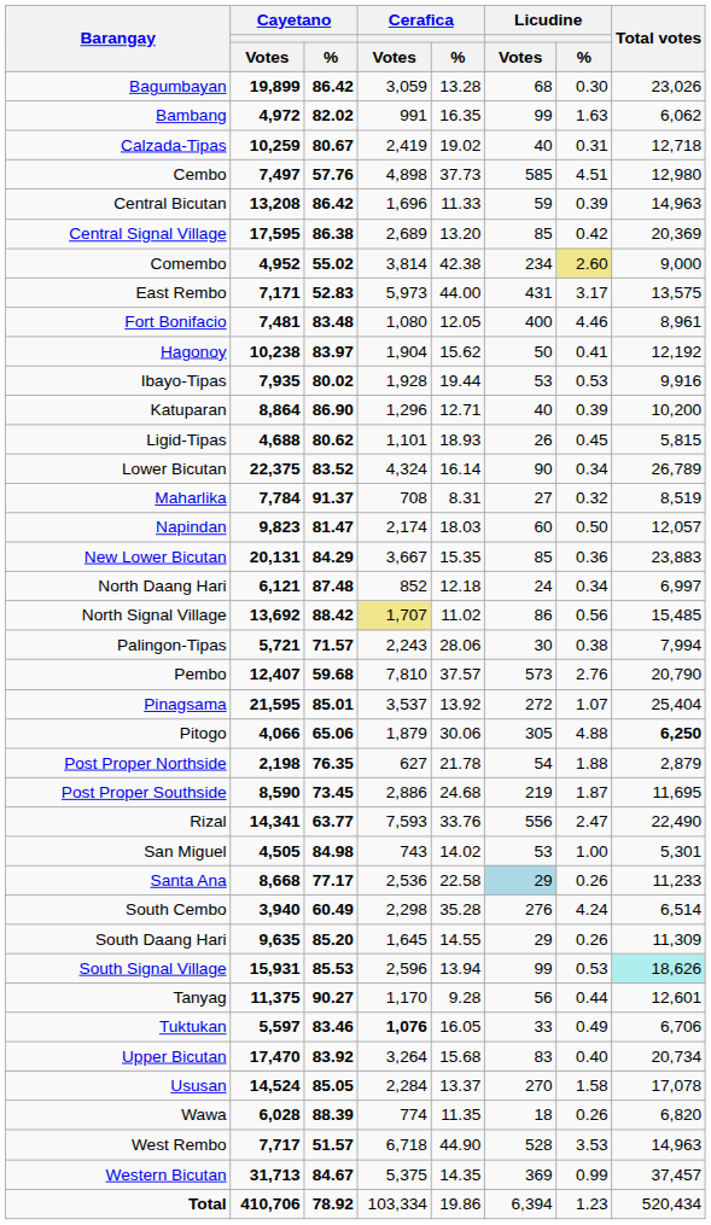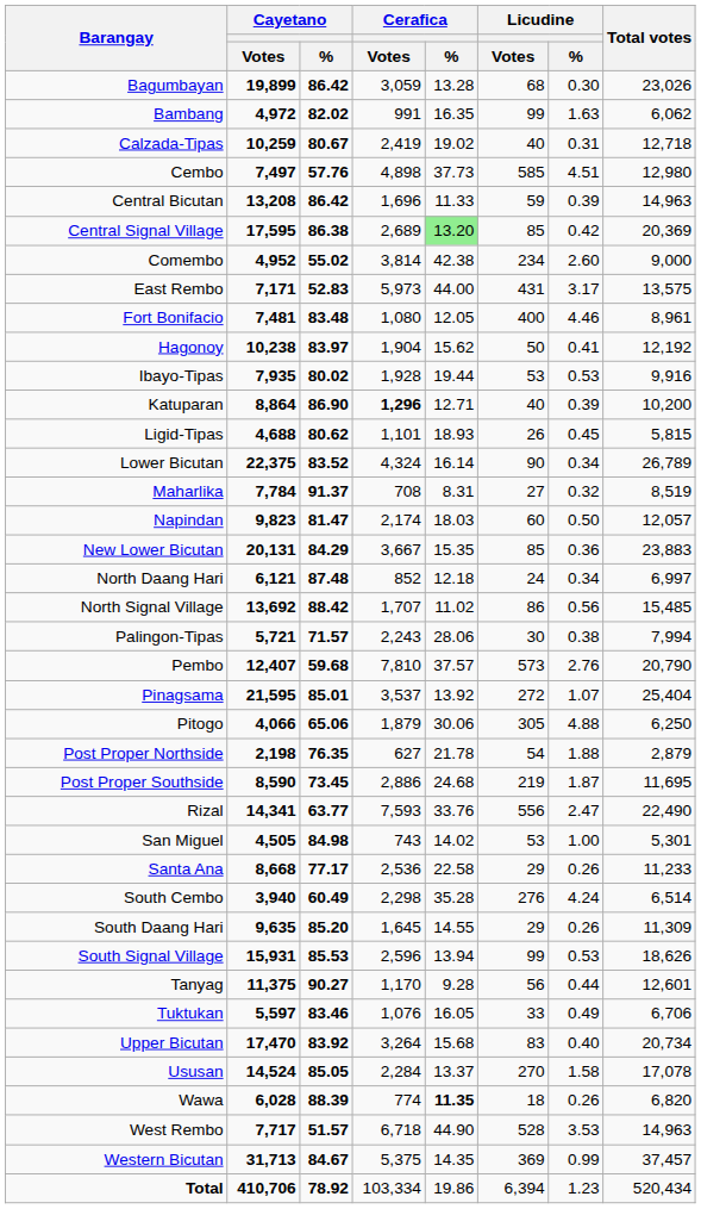 <table class="wikitable collapsible collapsed" style="text-align:right; font-size:95%; line-height:20px;">
 <tr>
 <th rowspan="3" width="200"><a href='#'>Barangay</a></th>
 <th colspan="2" width="110"><a href='#'>Cayetano</a></th>
 <th colspan="2" width="110"><a href='#'>Cerafica</a></th>
 <th colspan="2" width="110">Licudine</th>
 <th rowspan="3">Total votes</th>
 </tr>
 <tr>
 <th colspan="2" style="background:"></th>
 <th colspan="2" style="background:"></th>
 <th colspan="2" style="background:"></th>
 </tr>
 <tr>
 <th>Votes</th>
 <th>%</th>
 <th>Votes</th>
 <th>%</th>
 <th>Votes</th>
 <th>%</th>
 </tr>
 <tr>
 <td><a href='#'> Bagumbayan</a></td>
 <td style="background:#"><strong>19,899</strong></td>
 <td style="background:#"><strong>86.42</strong></td>
 <td>3,059</td>
 <td>13.28</td>
 <td>68</td>
 <td>0.30</td>
 <td>23,026</td>
 </tr>
 <tr>
 <td><a href='#'> Bambang</a></td>
 <td style="background:#"><strong>4,972</strong></td>
 <td style="background:#"><strong>82.02</strong></td>
 <td>991</td>
 <td>16.35</td>
 <td>99</td>
 <td>1.63</td>
 <td>6,062</td>
 </tr>
 <tr>
 <td><a href='#'> Calzada-Tipas</a></td>
 <td style="background:#"><strong>10,259</strong></td>
 <td style="background:#"><strong>80.67</strong></td>
 <td>2,419</td>
 <td>19.02</td>
 <td>40</td>
 <td>0.31</td>
 <td>12,718</td>
 </tr>
 <tr>
 <td>Cembo</td>
 <td style="background:#"><strong>7,497</strong></td>
 <td style="background:#"><strong>57.76</strong></td>
 <td>4,898</td>
 <td>37.73</td>
 <td>585</td>
 <td>4.51</td>
 <td>12,980</td>
 </tr>
 <tr>
 <td>Central Bicutan</td>
 <td style="background:#"><strong>13,208</strong></td>
 <td style="background:#"><strong>86.42</strong></td>
 <td>1,696</td>
 <td>11.33</td>
 <td>59</td>
 <td>0.39</td>
 <td>14,963</td>
 </tr>
 <tr>
 <td><a href='#'> Central Signal Village</a></td>
 <td style="background:#"><strong>17,595</strong></td>
 <td style="background:#"><strong>86.38</strong></td>
 <td>2,689</td>
-<td>13.20</td>
+<td style="background: lightgreen;">13.20</td>
 <td>85</td>
 <td>0.42</td>
 <td>20,369</td>
 </tr>
 <tr>
 <td>Comembo</td>
 <td style="background:#"><strong>4,952</strong></td>
 <td style="background:#"><strong>55.02</strong></td>
 <td>3,814</td>
 <td>42.38</td>
 <td>234</td>
-<td style="background: khaki;">2.60</td>
+<td>2.60</td>
 <td>9,000</td>
 </tr>
 <tr>
 <td>East Rembo</td>
 <td style="background:#"><strong>7,171</strong></td>
 <td style="background:#"><strong>52.83</strong></td>
 <td>5,973</td>
 <td>44.00</td>
 <td>431</td>
 <td>3.17</td>
 <td>13,575</td>
 </tr>
 <tr>
 <td><a href='#'> Fort Bonifacio</a></td>
 <td style="background:#"><strong>7,481</strong></td>
 <td style="background:#"><strong>83.48</strong></td>
 <td>1,080</td>
 <td>12.05</td>
 <td>400</td>
 <td>4.46</td>
 <td>8,961</td>
 </tr>
 <tr>
 <td><a href='#'> Hagonoy</a></td>
 <td style="background:#"><strong>10,238</strong></td>
 <td style="background:#"><strong>83.97</strong></td>
 <td>1,904</td>
 <td>15.62</td>
 <td>50</td>
 <td>0.41</td>
 <td>12,192</td>
 </tr>
 <tr>
 <td>Ibayo-Tipas</td>
 <td style="background:#"><strong>7,935</strong></td>
 <td style="background:#"><strong>80.02</strong></td>
 <td>1,928</td>
 <td>19.44</td>
 <td>53</td>
 <td>0.53</td>
 <td>9,916</td>
 </tr>
 <tr>
 <td>Katuparan</td>
 <td style="background:#"><strong>8,864</strong></td>
 <td style="background:#"><strong>86.90</strong></td>
-<td>1,296</td>
+<td><strong>1,296</strong></td>
 <td>12.71</td>
 <td>40</td>
 <td>0.39</td>
 <td>10,200</td>
 </tr>
 <tr>
 <td>Ligid-Tipas</td>
 <td style="background:#"><strong>4,688</strong></td>
 <td style="background:#"><strong>80.62</strong></td>
 <td>1,101</td>
 <td>18.93</td>
 <td>26</td>
 <td>0.45</td>
 <td>5,815</td>
 </tr>
 <tr>
 <td>Lower Bicutan</td>
 <td style="background:#"><strong>22,375</strong></td>
 <td style="background:#"><strong>83.52</strong></td>
 <td>4,324</td>
 <td>16.14</td>
 <td>90</td>
 <td>0.34</td>
 <td>26,789</td>
 </tr>
 <tr>
 <td><a href='#'> Maharlika</a></td>
 <td style="background:#"><strong>7,784</strong></td>
 <td style="background:#"><strong>91.37</strong></td>
 <td>708</td>
 <td>8.31</td>
 <td>27</td>
 <td>0.32</td>
 <td>8,519</td>
 </tr>
 <tr>
 <td><a href='#'> Napindan</a></td>
 <td style="background:#"><strong>9,823</strong></td>
 <td style="background:#"><strong>81.47</strong></td>
 <td>2,174</td>
 <td>18.03</td>
 <td>60</td>
 <td>0.50</td>
 <td>12,057</td>
 </tr>
 <tr>
 <td><a href='#'> New Lower Bicutan</a></td>
 <td style="background:#"><strong>20,131</strong></td>
 <td style="background:#"><strong>84.29</strong></td>
 <td>3,667</td>
 <td>15.35</td>
 <td>85</td>
 <td>0.36</td>
 <td>23,883</td>
 </tr>
 <tr>
 <td>North Daang Hari</td>
 <td style="background:#"><strong>6,121</strong></td>
 <td style="background:#"><strong>87.48</strong></td>
 <td>852</td>
 <td>12.18</td>
 <td>24</td>
 <td>0.34</td>
 <td>6,997</td>
 </tr>
 <tr>
 <td>North Signal Village</td>
 <td style="background:#"><strong>13,692</strong></td>
 <td style="background:#"><strong>88.42</strong></td>
-<td style="background: khaki;">1,707</td>
+<td>1,707</td>
 <td>11.02</td>
 <td>86</td>
 <td>0.56</td>
 <td>15,485</td>
 </tr>
 <tr>
 <td>Palingon-Tipas</td>
 <td style="background:#"><strong>5,721</strong></td>
 <td style="background:#"><strong>71.57</strong></td>
 <td>2,243</td>
 <td>28.06</td>
 <td>30</td>
 <td>0.38</td>
 <td>7,994</td>
 </tr>
 <tr>
 <td>Pembo</td>
 <td style="background:#"><strong>12,407</strong></td>
 <td style="background:#"><strong>59.68</strong></td>
 <td>7,810</td>
 <td>37.57</td>
 <td>573</td>
 <td>2.76</td>
 <td>20,790</td>
 </tr>
 <tr>
 <td><a href='#'> Pinagsama</a></td>
 <td style="background:#"><strong>21,595</strong></td>
 <td style="background:#"><strong>85.01</strong></td>
 <td>3,537</td>
 <td>13.92</td>
 <td>272</td>
 <td>1.07</td>
 <td>25,404</td>
 </tr>
 <tr>
 <td>Pitogo</td>
 <td style="background:#"><strong>4,066</strong></td>
 <td style="background:#"><strong>65.06</strong></td>
 <td>1,879</td>
 <td>30.06</td>
 <td>305</td>
 <td>4.88</td>
-<td><strong>6,250</strong></td>
+<td>6,250</td>
 </tr>
 <tr>
 <td><a href='#'>Post Proper Northside</a></td>
 <td style="background:#"><strong>2,198</strong></td>
 <td style="background:#"><strong>76.35</strong></td>
 <td>627</td>
 <td>21.78</td>
 <td>54</td>
 <td>1.88</td>
 <td>2,879</td>
 </tr>
 <tr>
 <td><a href='#'>Post Proper Southside</a></td>
 <td style="background:#"><strong>8,590</strong></td>
 <td style="background:#"><strong>73.45</strong></td>
 <td>2,886</td>
 <td>24.68</td>
 <td>219</td>
 <td>1.87</td>
 <td>11,695</td>
 </tr>
 <tr>
 <td>Rizal</td>
 <td style="background:#"><strong>14,341</strong></td>
 <td style="background:#"><strong>63.77</strong></td>
 <td>7,593</td>
 <td>33.76</td>
 <td>556</td>
 <td>2.47</td>
 <td>22,490</td>
 </tr>
 <tr>
 <td>San Miguel</td>
 <td style="background:#"><strong>4,505</strong></td>
 <td style="background:#"><strong>84.98</strong></td>
 <td>743</td>
 <td>14.02</td>
 <td>53</td>
 <td>1.00</td>
 <td>5,301</td>
 </tr>
 <tr>
 <td><a href='#'> Santa Ana</a></td>
 <td style="background:#"><strong>8,668</strong></td>
 <td style="background:#"><strong>77.17</strong></td>
 <td>2,536</td>
 <td>22.58</td>
-<td style="background: lightblue;">29</td>
+<td>29</td>
 <td>0.26</td>
 <td>11,233</td>
 </tr>
 <tr>
 <td>South Cembo</td>
 <td style="background:#"><strong>3,940</strong></td>
 <td style="background:#"><strong>60.49</strong></td>
 <td>2,298</td>
 <td>35.28</td>
 <td>276</td>
 <td>4.24</td>
 <td>6,514</td>
 </tr>
 <tr>
 <td>South Daang Hari</td>
 <td style="background:#"><strong>9,635</strong></td>
 <td style="background:#"><strong>85.20</strong></td>
 <td>1,645</td>
 <td>14.55</td>
 <td>29</td>
 <td>0.26</td>
 <td>11,309</td>
 </tr>
 <tr>
 <td><a href='#'> South Signal Village</a></td>
 <td style="background:#"><strong>15,931</strong></td>
 <td style="background:#"><strong>85.53</strong></td>
 <td>2,596</td>
 <td>13.94</td>
 <td>99</td>
 <td>0.53</td>
-<td style="background: paleturquoise;">18,626</td>
+<td>18,626</td>
 </tr>
 <tr>
 <td>Tanyag</td>
 <td style="background:#"><strong>11,375</strong></td>
 <td style="background:#"><strong>90.27</strong></td>
 <td>1,170</td>
 <td>9.28</td>
 <td>56</td>
 <td>0.44</td>
 <td>12,601</td>
 </tr>
 <tr>
 <td><a href='#'> Tuktukan</a></td>
 <td style="background:#"><strong>5,597</strong></td>
 <td style="background:#"><strong>83.46</strong></td>
-<td><strong>1,076</strong></td>
+<td>1,076</td>
 <td>16.05</td>
 <td>33</td>
 <td>0.49</td>
 <td>6,706</td>
 </tr>
 <tr>
 <td><a href='#'> Upper Bicutan</a></td>
 <td style="background:#"><strong>17,470</strong></td>
 <td style="background:#"><strong>83.92</strong></td>
 <td>3,264</td>
 <td>15.68</td>
 <td>83</td>
 <td>0.40</td>
 <td>20,734</td>
 </tr>
 <tr>
 <td><a href='#'> Ususan</a></td>
 <td style="background:#"><strong>14,524</strong></td>
 <td style="background:#"><strong>85.05</strong></td>
 <td>2,284</td>
 <td>13.37</td>
 <td>270</td>
 <td>1.58</td>
 <td>17,078</td>
 </tr>
 <tr>
 <td>Wawa</td>
 <td style="background:#"><strong>6,028</strong></td>
 <td style="background:#"><strong>88.39</strong></td>
 <td>774</td>
-<td>11.35</td>
+<td><strong>11.35</strong></td>
 <td>18</td>
 <td>0.26</td>
 <td>6,820</td>
 </tr>
 <tr>
 <td>West Rembo</td>
 <td style="background:#"><strong>7,717</strong></td>
 <td style="background:#"><strong>51.57</strong></td>
 <td>6,718</td>
 <td>44.90</td>
 <td>528</td>
 <td>3.53</td>
 <td>14,963</td>
 </tr>
 <tr>
 <td><a href='#'> Western Bicutan</a></td>
 <td style="background:#"><strong>31,713</strong></td>
 <td style="background:#"><strong>84.67</strong></td>
 <td>5,375</td>
 <td>14.35</td>
 <td>369</td>
 <td>0.99</td>
 <td>37,457</td>
 </tr>
 <tr>
 <td><strong>Total</strong></td>
 <td style="background:#"><strong>410,706</strong></td>
 <td style="background:#"><strong>78.92</strong></td>
 <td>103,334</td>
 <td>19.86</td>
 <td>6,394</td>
 <td>1.23</td>
 <td>520,434</td>
 </tr>
 </table>
